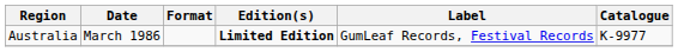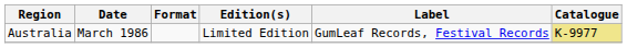 <table class="wikitable plainrowheaders">
 <tr>
 <th scope="col">Region</th>
 <th scope="col">Date</th>
 <th scope="col">Format</th>
 <th scope="col">Edition(s)</th>
 <th scope="col">Label</th>
 <th scope="col">Catalogue</th>
 </tr>
 <tr>
 <td>Australia</td>
 <td>March 1986</td>
 <td></td>
-<td><strong>Limited Edition</strong></td>
+<td>Limited Edition</td>
 <td>GumLeaf Records, <a href='#'>Festival Records</a></td>
-<td>K-9977</td>
+<td style="background: khaki;">K-9977</td>
 </tr>
 <tr>
 </tr>
 </table>
